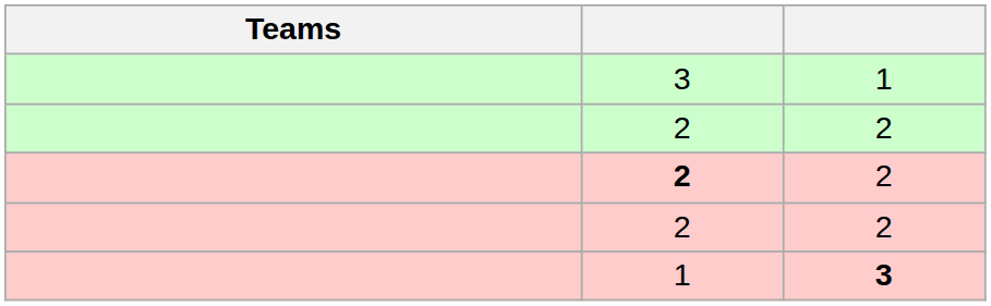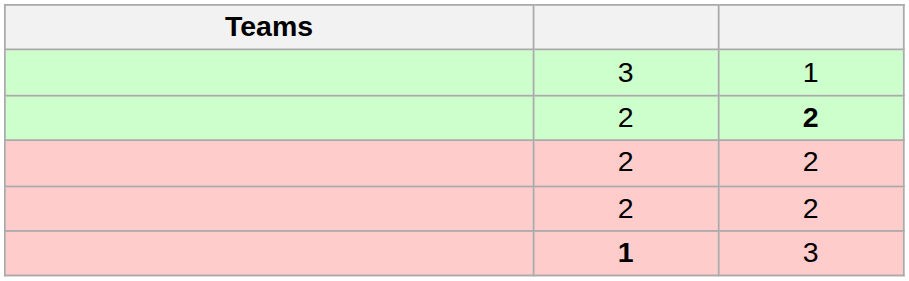 <table class="wikitable" width="40%" style="text-align:center;">
 <tr>
 <th width="20%">Teams</th>
 <th width="7%"></th>
 <th width="7%"></th>
 </tr>
 <tr bgcolor="#cfc">
 <td align=left></td>
 <td>3</td>
 <td>1</td>
 </tr>
 <tr bgcolor="#cfc">
 <td align=left></td>
 <td>2</td>
-<td>2</td>
+<td><strong>2</strong></td>
 </tr>
 <tr bgcolor="#fcc">
 <td align=left></td>
-<td><strong>2</strong></td>
+<td>2</td>
 <td>2</td>
 </tr>
 <tr bgcolor="#fcc">
 <td align=left></td>
 <td>2</td>
 <td>2</td>
 </tr>
 <tr bgcolor="#fcc">
 <td align=left></td>
-<td>1</td>
-<td><strong>3</strong></td>
+<td><strong>1</strong></td>
+<td>3</td>
 </tr>
 </table>
